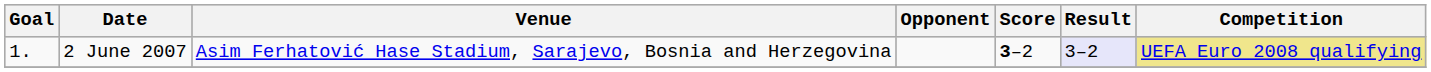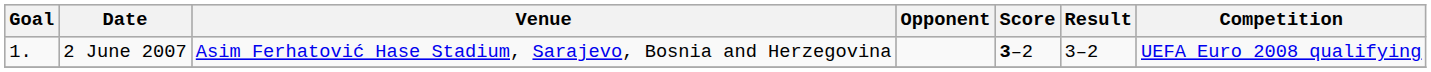 <table class="wikitable" style="font-size:90%">
 <tr>
 <th>Goal</th>
 <th>Date</th>
 <th>Venue</th>
 <th>Opponent</th>
 <th>Score</th>
 <th>Result</th>
 <th>Competition</th>
 </tr>
 <tr>
 <td>1.</td>
 <td>2 June 2007</td>
 <td><a href='#'>Asim Ferhatović Hase Stadium</a>, <a href='#'>Sarajevo</a>, Bosnia and Herzegovina</td>
 <td></td>
 <td><strong>3</strong>–2</td>
-<td style="background: lavender;">3–2</td>
-<td style="background: khaki;"><a href='#'>UEFA Euro 2008 qualifying</a></td>
+<td>3–2</td>
+<td><a href='#'>UEFA Euro 2008 qualifying</a></td>
 </tr>
 <tr>
 </tr>
 </table>
